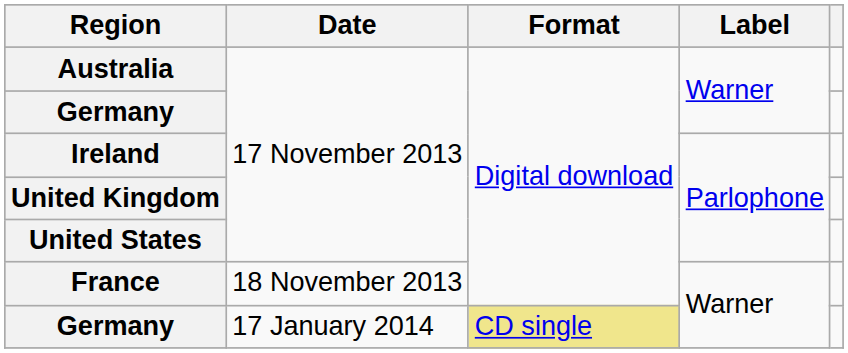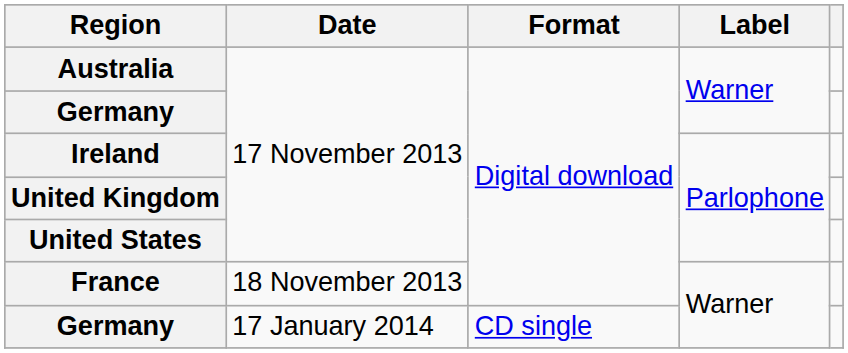 <table class="wikitable plainrowheaders">
 <tr>
 <th scope="col">Region</th>
 <th scope="col">Date</th>
 <th scope="col">Format</th>
 <th scope="col">Label</th>
 <th scope="col"></th>
 </tr>
 <tr>
 <th scope="row">Australia</th>
 <td rowspan="5">17 November 2013</td>
 <td rowspan="6"><a href='#'>Digital download</a></td>
 <td rowspan="2"><a href='#'>Warner</a></td>
 <td align="center"></td>
 </tr>
 <tr>
 <th scope="row">Germany</th>
 <td align="center"></td>
 </tr>
 <tr>
 <th scope="row">Ireland</th>
 <td rowspan="3"><a href='#'>Parlophone</a></td>
 <td align="center"></td>
 </tr>
 <tr>
 <th scope="row">United Kingdom</th>
 <td align="center"></td>
 </tr>
 <tr>
 <th scope="row">United States</th>
 <td align="center"></td>
 </tr>
 <tr>
 <th scope="row">France</th>
 <td>18 November 2013</td>
 <td rowspan="2">Warner</td>
 <td align="center"></td>
 </tr>
 <tr>
 <th scope="row">Germany</th>
 <td>17 January 2014</td>
-<td style="background: khaki;"><a href='#'>CD single</a></td>
+<td><a href='#'>CD single</a></td>
 <td align="center"></td>
 </tr>
 </table>
